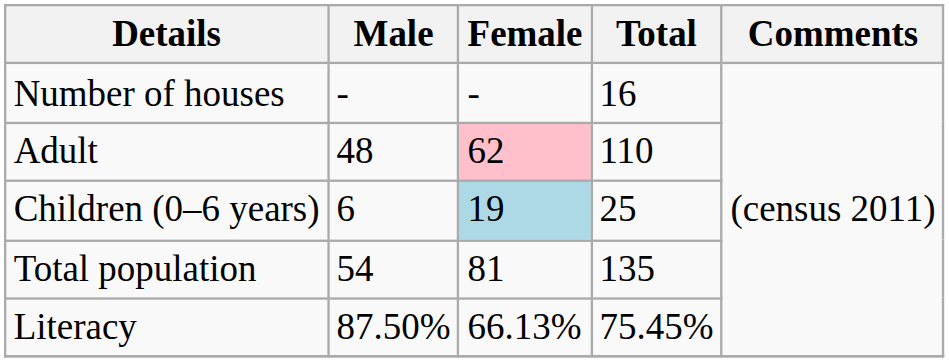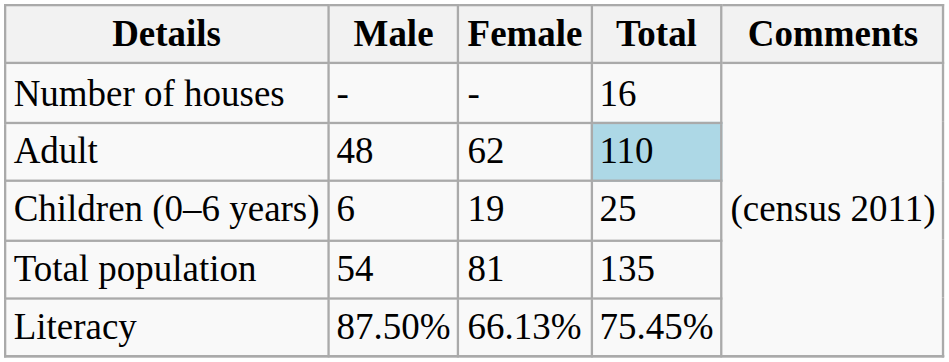 <table class="wikitable sortable">
 <tr>
 <th>Details</th>
 <th>Male</th>
 <th>Female</th>
 <th>Total</th>
 <th>Comments</th>
 </tr>
 <tr>
 <td>Number of houses</td>
 <td>-</td>
 <td>-</td>
 <td>16</td>
 <td rowspan="5">(census 2011) </td>
 </tr>
 <tr>
 <td>Adult</td>
 <td>48</td>
-<td style="background: pink;">62</td>
-<td>110</td>
+<td>62</td>
+<td style="background: lightblue;">110</td>
 </tr>
 <tr>
 <td>Children (0–6 years)</td>
 <td>6</td>
-<td style="background: lightblue;">19</td>
+<td>19</td>
 <td>25</td>
 </tr>
 <tr>
 <td>Total population</td>
 <td>54</td>
 <td>81</td>
 <td>135</td>
 </tr>
 <tr>
 <td>Literacy</td>
 <td>87.50%</td>
 <td>66.13%</td>
 <td>75.45%</td>
 </tr>
 <tr>
 </tr>
 </table>
